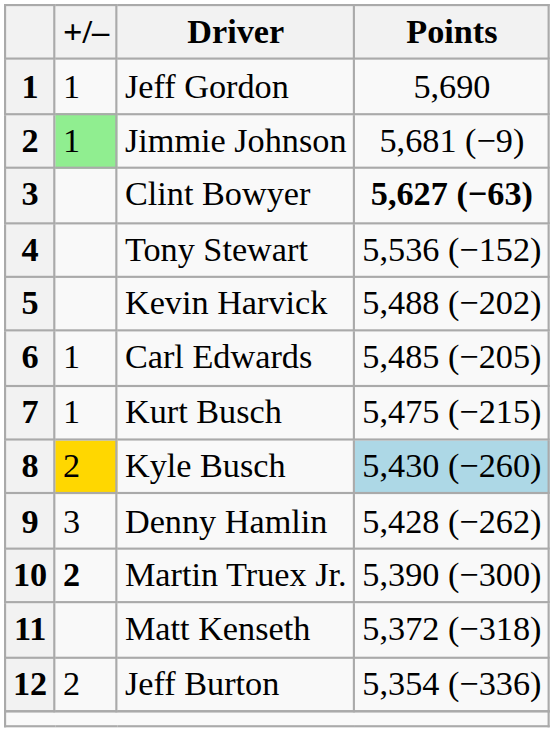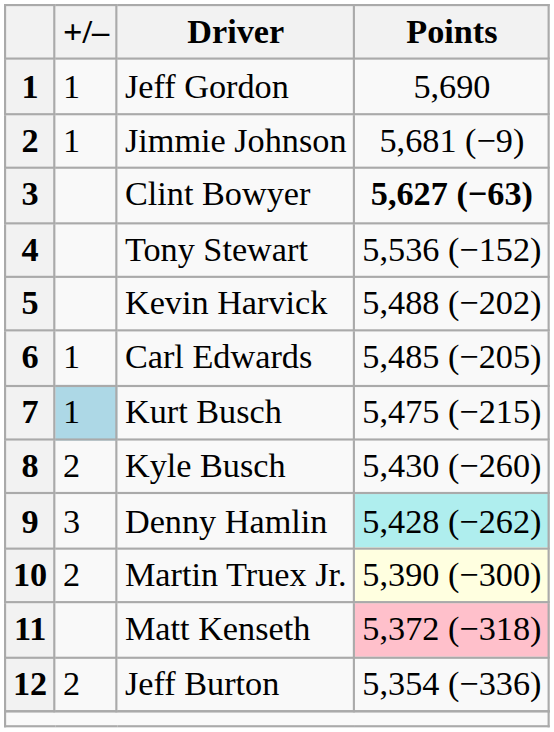 <table class="wikitable">
 <tr>
 <th scope="col"></th>
 <th scope="col">+/–</th>
 <th scope="col">Driver</th>
 <th scope="col">Points</th>
 </tr>
 <tr>
 <th scope="row"><strong>1</strong></th>
 <td align="left"> 1</td>
 <td>Jeff Gordon</td>
 <td style="text-align:center;">5,690</td>
 </tr>
 <tr>
 <th scope="row"><strong>2</strong></th>
-<td align="left" style="background: lightgreen;"> 1</td>
+<td align="left"> 1</td>
 <td>Jimmie Johnson</td>
 <td style="text-align:center;">5,681 (−9)</td>
 </tr>
 <tr>
 <th scope="row"><strong>3</strong></th>
 <td align="left"></td>
 <td>Clint Bowyer</td>
 <td style="text-align:center;"><strong>5,627 (−63)</strong></td>
 </tr>
 <tr>
 <th scope="row"><strong>4</strong></th>
 <td align="left"></td>
 <td>Tony Stewart</td>
 <td style="text-align:center;">5,536 (−152)</td>
 </tr>
 <tr>
 <th scope="row"><strong>5</strong></th>
 <td align="left"></td>
 <td>Kevin Harvick</td>
 <td style="text-align:center;">5,488 (−202)</td>
 </tr>
 <tr>
 <th scope="row"><strong>6</strong></th>
 <td align="left"> 1</td>
 <td>Carl Edwards</td>
 <td style="text-align:center;">5,485 (−205)</td>
 </tr>
 <tr>
 <th scope="row"><strong>7</strong></th>
-<td align="left"> 1</td>
+<td align="left" style="background: lightblue;"> 1</td>
 <td>Kurt Busch</td>
 <td style="text-align:center;">5,475 (−215)</td>
 </tr>
 <tr>
 <th scope="row"><strong>8</strong></th>
-<td align="left" style="background: gold;"> 2</td>
+<td align="left"> 2</td>
 <td>Kyle Busch</td>
-<td style="background: lightblue; text-align:center;">5,430 (−260)</td>
+<td style="text-align:center;">5,430 (−260)</td>
 </tr>
 <tr>
 <th scope="row"><strong>9</strong></th>
 <td align="left"> 3</td>
 <td>Denny Hamlin</td>
-<td style="text-align:center;">5,428 (−262)</td>
+<td style="background: paleturquoise; text-align:center;">5,428 (−262)</td>
 </tr>
 <tr>
 <th scope="row"><strong>10</strong></th>
-<td align="left"><strong> 2</strong></td>
+<td align="left"> 2</td>
 <td>Martin Truex Jr.</td>
-<td style="text-align:center;">5,390 (−300)</td>
+<td style="background: lightyellow; text-align:center;">5,390 (−300)</td>
 </tr>
 <tr>
 <th scope="row"><strong>11</strong></th>
 <td align="left"></td>
 <td>Matt Kenseth</td>
-<td style="text-align:center;">5,372 (−318)</td>
+<td style="background: pink; text-align:center;">5,372 (−318)</td>
 </tr>
 <tr>
 <th scope="row"><strong>12</strong></th>
 <td align="left"> 2</td>
 <td>Jeff Burton</td>
 <td style="text-align:center;">5,354 (−336)</td>
 </tr>
 <tr>
 </tr>
 <tr class="sortbottom">
 <td colspan="9"></td>
 </tr>
 </table>
